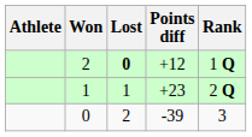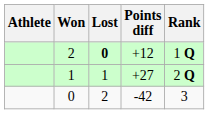 <table class="wikitable">
 <tr>
 <th>Athlete</th>
 <th>Won</th>
 <th>Lost</th>
 <th>Points<br>diff</th>
 <th>Rank</th>
 </tr>
 <tr bgcolor="#ccffcc">
 <td><strong></strong></td>
 <td align="center">2</td>
 <td align="center"><strong>0</strong></td>
 <td align="center">+12</td>
 <td align="center">1 <strong>Q</strong></td>
 </tr>
 <tr bgcolor="#ccffcc">
 <td><strong></strong></td>
 <td align="center">1</td>
 <td align="center">1</td>
-<td align="center">+23</td>
+<td align="center">+27</td>
 <td align="center">2 <strong>Q</strong></td>
 </tr>
 <tr>
 <td></td>
 <td align="center">0</td>
 <td align="center">2</td>
-<td align="center">-39</td>
+<td align="center">-42</td>
 <td align="center">3 <strong></strong></td>
 </tr>
 </table>
